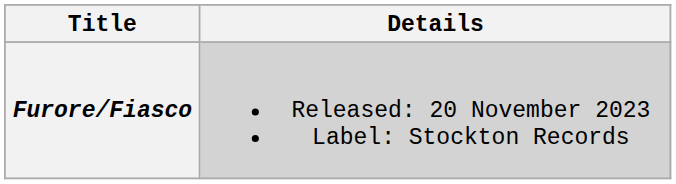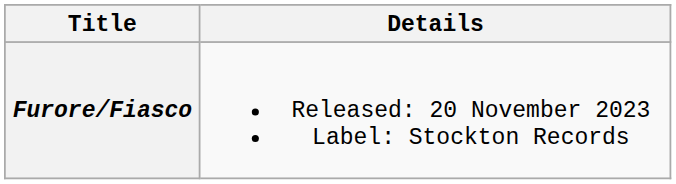 <table class="wikitable plainrowheaders" style="text-align:center;">
 <tr>
 <th scope="col" style="width:8em;">Title</th>
 <th scope="col" style="width:20em;">Details</th>
 </tr>
 <tr>
 <th scope="row" style="text-align:center;"><em>Furore/Fiasco</em></th>
-<td style="background: lightgrey;"><br><ul><li>Released: 20 November 2023</li><li>Label: Stockton Records</li></ul></td>
+<td><br><ul><li>Released: 20 November 2023</li><li>Label: Stockton Records</li></ul></td>
 </tr>
 </table>
